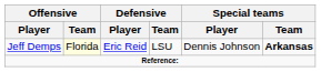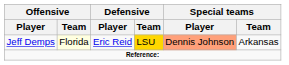 <table class="wikitable" border="1">
 <tr>
 <th colspan="2">Offensive</th>
 <th colspan="2">Defensive</th>
 <th colspan="2">Special teams</th>
 </tr>
 <tr>
 <th>Player</th>
 <th>Team</th>
 <th>Player</th>
 <th>Team</th>
 <th>Player</th>
 <th>Team</th>
 </tr>
 <tr>
 <td><a href='#'>Jeff Demps</a></td>
 <td style="background: lightyellow;">Florida</td>
 <td><a href='#'>Eric Reid</a></td>
-<td>LSU</td>
-<td>Dennis Johnson</td>
-<td><strong>Arkansas</strong></td>
+<td style="background: gold;">LSU</td>
+<td style="background: lightsalmon;">Dennis Johnson</td>
+<td>Arkansas</td>
 </tr>
 <tr>
 <td colspan="6" style="font-size: 8pt" align="center"><strong>Reference:</strong></td>
 </tr>
 </table>
